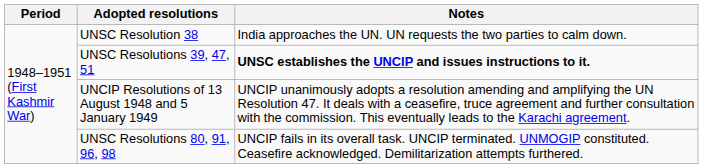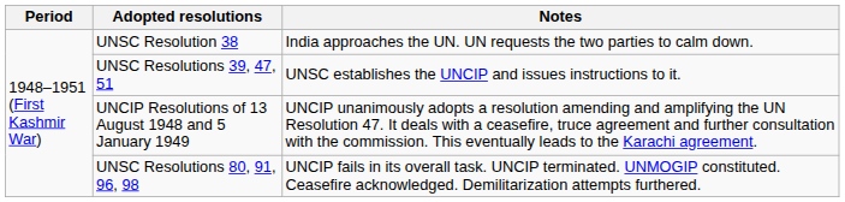 <table class="wikitable">
 <tr>
 <th>Period</th>
 <th>Adopted resolutions</th>
 <th>Notes</th>
 </tr>
 <tr>
 <td rowspan="4">1948–1951<br>(<a href='#'>First Kashmir War</a>)</td>
 <td>UNSC Resolution <a href='#'>38</a></td>
 <td>India approaches the UN. UN requests the two parties to calm down.</td>
 </tr>
 <tr>
 <td>UNSC Resolutions <a href='#'>39</a>, <a href='#'>47</a>, <a href='#'>51</a></td>
-<td><strong>UNSC establishes the <a href='#'>UNCIP</a> and issues instructions to it.</strong></td>
+<td>UNSC establishes the <a href='#'>UNCIP</a> and issues instructions to it.</td>
 </tr>
 <tr>
 <td>UNCIP Resolutions of 13 August 1948 and 5 January 1949</td>
 <td>UNCIP unanimously adopts a resolution amending and amplifying the UN Resolution 47. It deals with a ceasefire, truce agreement and further consultation with the commission. This eventually leads to the <a href='#'>Karachi agreement</a>.</td>
 </tr>
 <tr>
 <td>UNSC Resolutions <a href='#'>80</a>, <a href='#'>91</a>, <a href='#'>96</a>, <a href='#'>98</a></td>
 <td>UNCIP fails in its overall task. UNCIP terminated. <a href='#'>UNMOGIP</a> constituted. Ceasefire acknowledged. Demilitarization attempts furthered.</td>
 </tr>
 </table>
